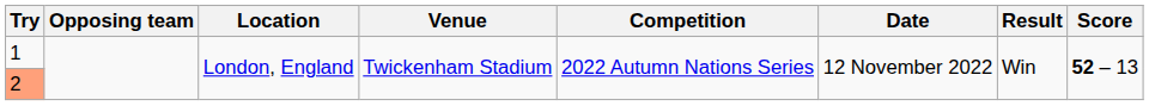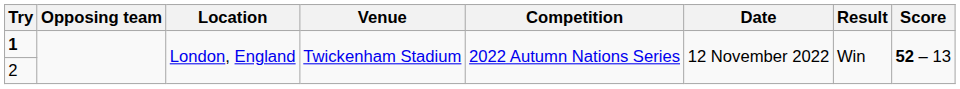 <table class="wikitable" style="font-size:100%">
 <tr>
 <th>Try</th>
 <th>Opposing team</th>
 <th>Location</th>
 <th>Venue</th>
 <th>Competition</th>
 <th>Date</th>
 <th>Result</th>
 <th>Score</th>
 </tr>
 <tr>
-<td>1</td>
+<td><strong>1</strong></td>
 <td rowspan="2"></td>
 <td rowspan="2"><a href='#'>London</a>, <a href='#'>England</a></td>
 <td rowspan="2"><a href='#'>Twickenham Stadium</a></td>
 <td rowspan="2"><a href='#'>2022 Autumn Nations Series</a></td>
 <td rowspan="2">12 November 2022</td>
 <td rowspan="2">Win</td>
 <td rowspan="2"><strong>52</strong> – 13</td>
 </tr>
 <tr>
-<td style="background: lightsalmon;">2</td>
+<td>2</td>
 </tr>
 </table>
